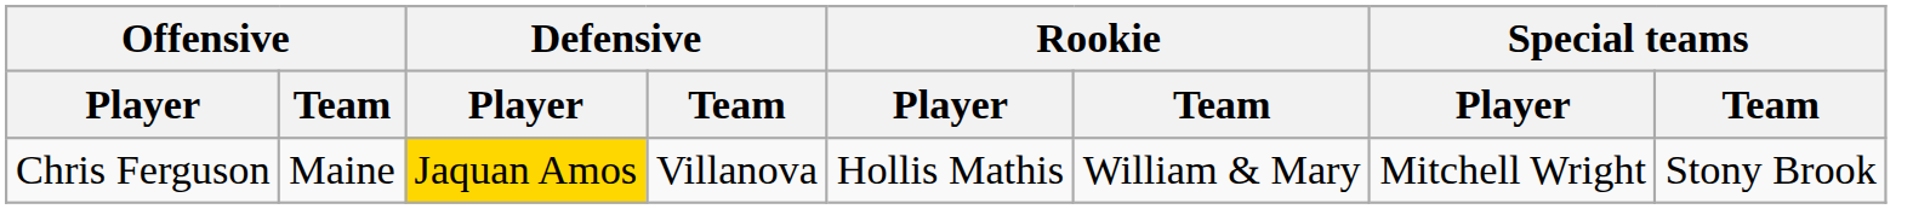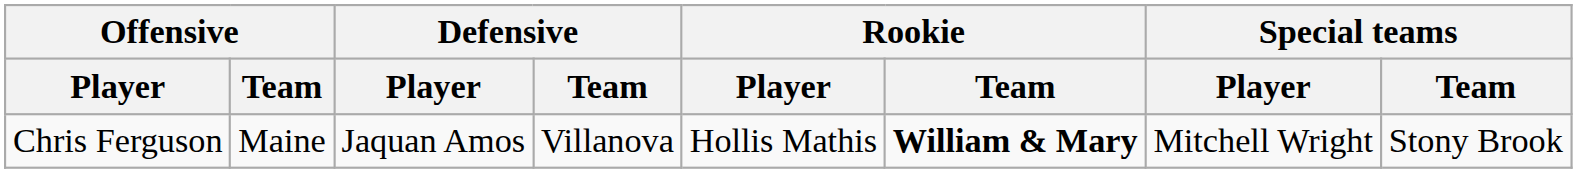 <table class="wikitable" border="1">
 <tr>
 <th colspan="2">Offensive</th>
 <th colspan="2">Defensive</th>
 <th colspan="2">Rookie</th>
 <th colspan="2">Special teams</th>
 </tr>
 <tr>
 <th>Player</th>
 <th>Team</th>
 <th>Player</th>
 <th>Team</th>
 <th>Player</th>
 <th>Team</th>
 <th>Player</th>
 <th>Team</th>
 </tr>
 <tr>
 <td>Chris Ferguson</td>
 <td>Maine</td>
-<td style="background: gold;">Jaquan Amos</td>
+<td>Jaquan Amos</td>
 <td>Villanova</td>
 <td>Hollis Mathis</td>
-<td>William & Mary</td>
+<td><strong>William & Mary</strong></td>
 <td>Mitchell Wright</td>
 <td>Stony Brook</td>
 </tr>
 </table>
